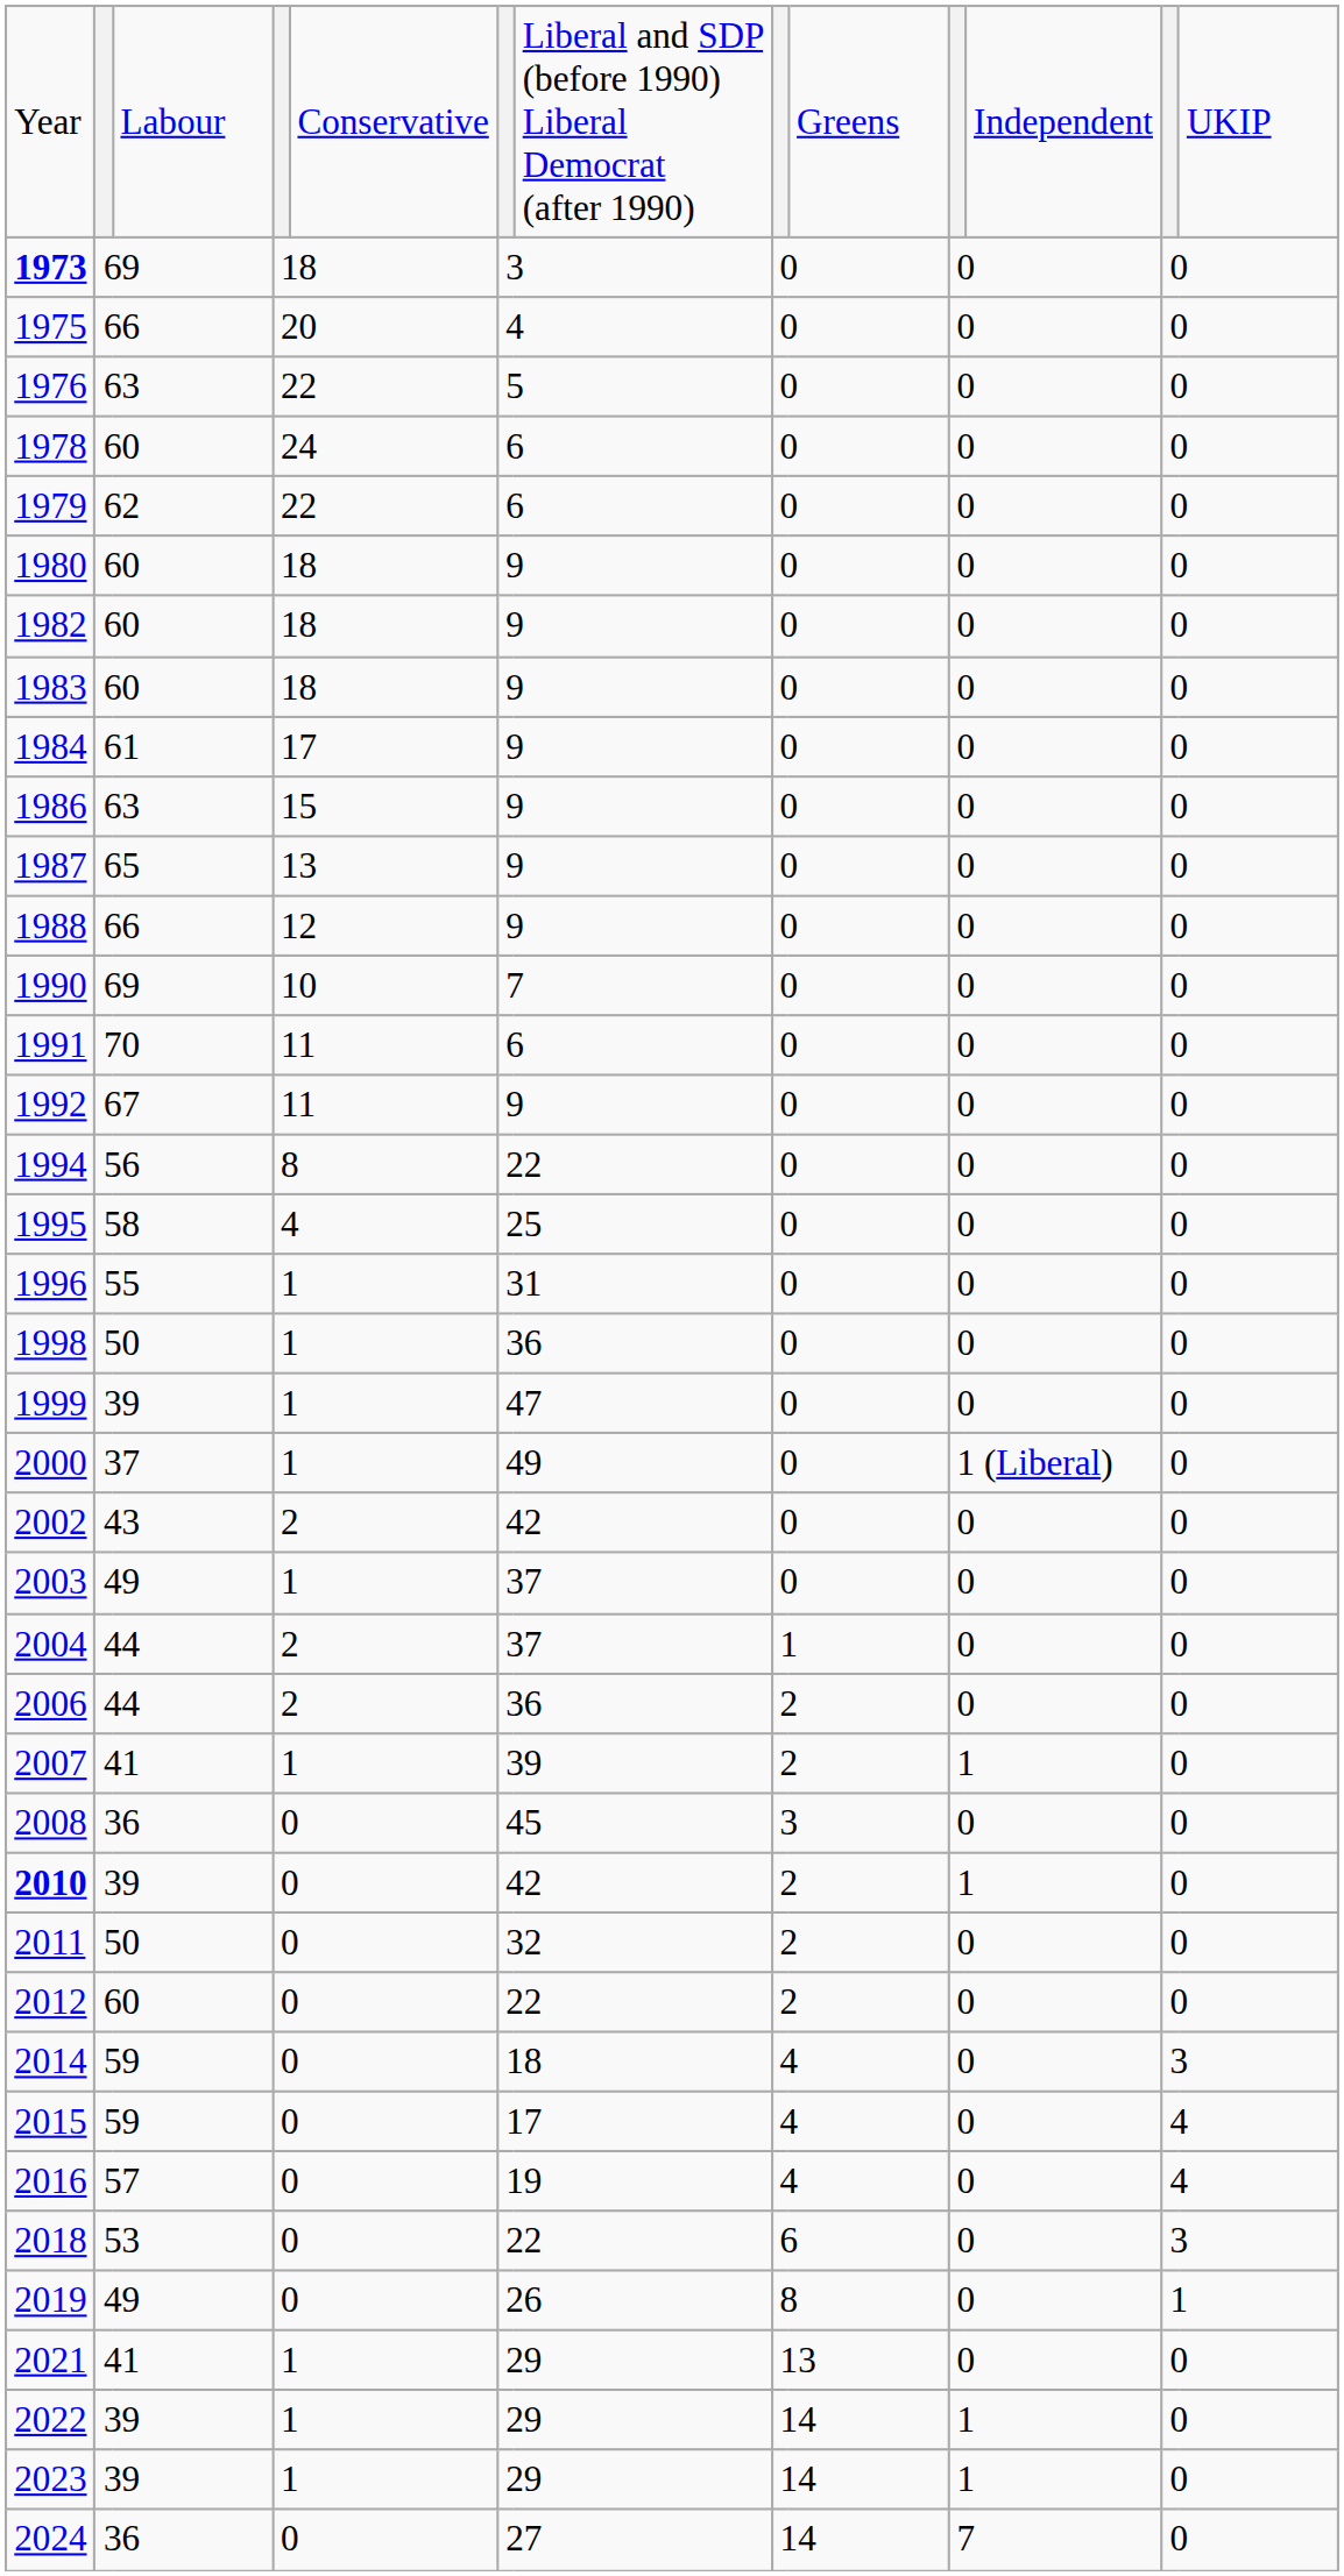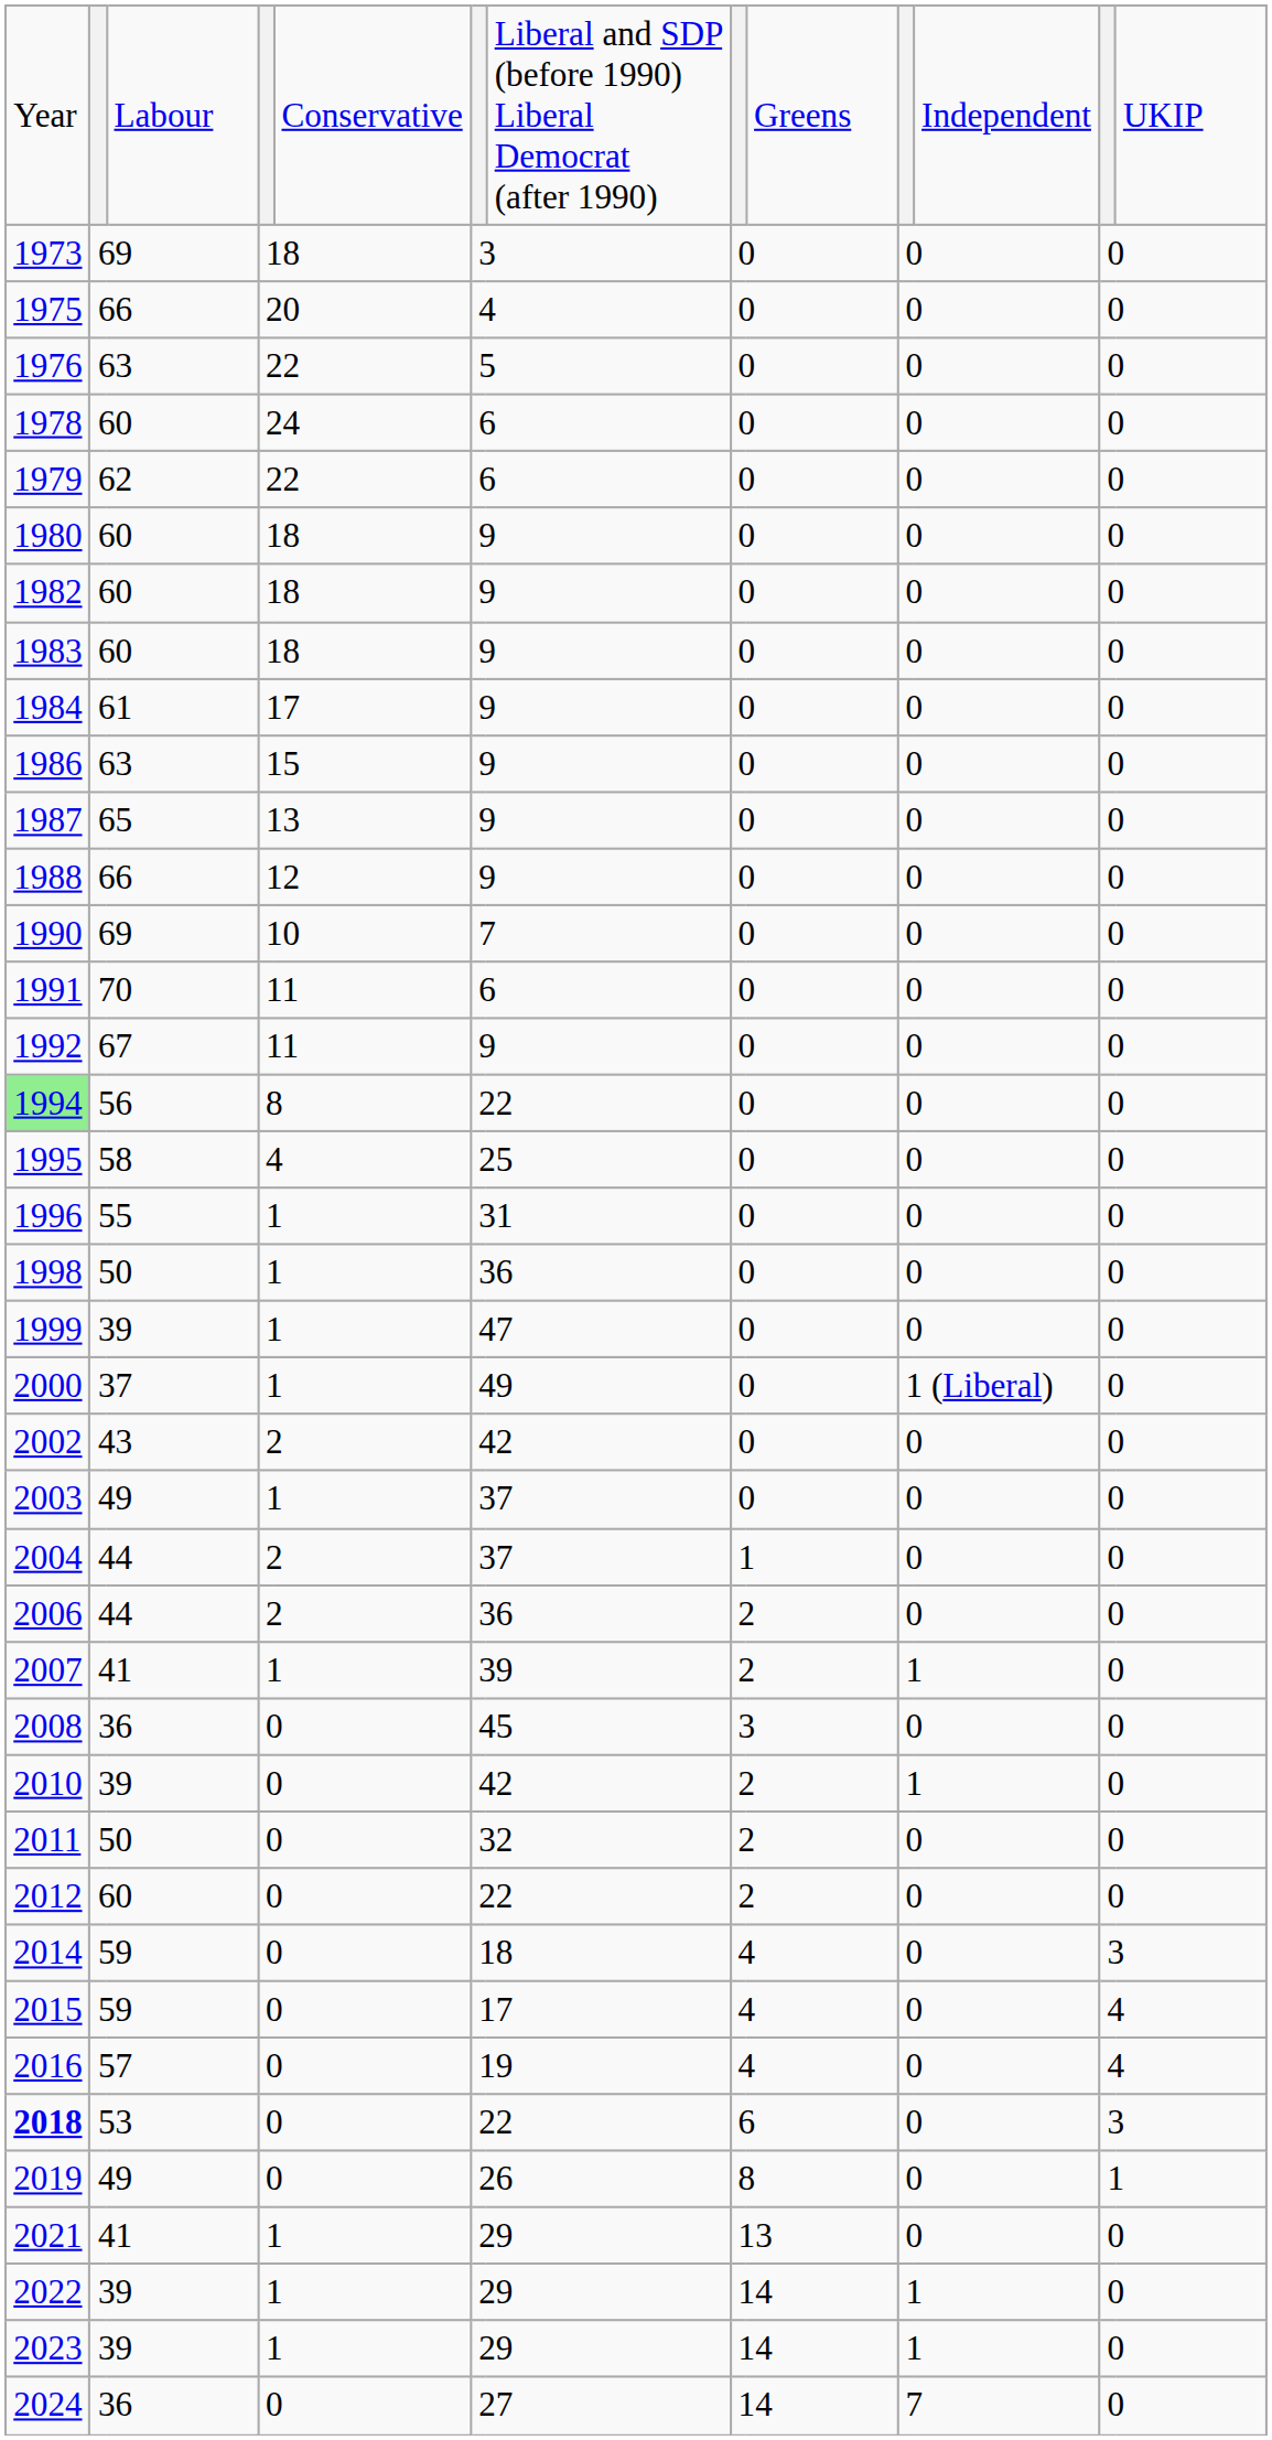 <table class="wikitable" style="font-size:95%;">
 <tr>
 <td>Year</td>
 <th style="background-color: "></th>
 <td width="60"><a href='#'>Labour</a></td>
 <th style="background-color: "></th>
 <td width="60"><a href='#'>Conservative</a></td>
 <th style="background-color: "></th>
 <td width="60"><a href='#'>Liberal</a> and <a href='#'>SDP</a> (before 1990)<br><a href='#'>Liberal Democrat</a><br>(after 1990)</td>
 <th style="background-color: "></th>
 <td width="60"><a href='#'>Greens</a></td>
 <th style="background-color: "></th>
 <td width="60"><a href='#'>Independent</a></td>
 <th style="background-color: "></th>
 <td width="60"><a href='#'>UKIP</a></td>
 </tr>
 <tr>
-<td><strong><a href='#'>1973</a></strong></td>
+<td><a href='#'>1973</a></td>
 <td colspan="2">69</td>
 <td colspan="2">18</td>
 <td colspan="2">3</td>
 <td colspan="2">0</td>
 <td colspan="2">0</td>
 <td colspan="2">0</td>
 </tr>
 <tr>
 <td><a href='#'>1975</a></td>
 <td colspan="2">66</td>
 <td colspan="2">20</td>
 <td colspan="2">4</td>
 <td colspan="2">0</td>
 <td colspan="2">0</td>
 <td colspan="2">0</td>
 </tr>
 <tr>
 <td><a href='#'>1976</a></td>
 <td colspan="2">63</td>
 <td colspan="2">22</td>
 <td colspan="2">5</td>
 <td colspan="2">0</td>
 <td colspan="2">0</td>
 <td colspan="2">0</td>
 </tr>
 <tr>
 <td><a href='#'>1978</a></td>
 <td colspan="2">60</td>
 <td colspan="2">24</td>
 <td colspan="2">6</td>
 <td colspan="2">0</td>
 <td colspan="2">0</td>
 <td colspan="2">0</td>
 </tr>
 <tr>
 <td><a href='#'>1979</a></td>
 <td colspan="2">62</td>
 <td colspan="2">22</td>
 <td colspan="2">6</td>
 <td colspan="2">0</td>
 <td colspan="2">0</td>
 <td colspan="2">0</td>
 </tr>
 <tr>
 <td><a href='#'>1980</a></td>
 <td colspan="2">60</td>
 <td colspan="2">18</td>
 <td colspan="2">9</td>
 <td colspan="2">0</td>
 <td colspan="2">0</td>
 <td colspan="2">0</td>
 </tr>
 <tr>
 <td><a href='#'>1982</a></td>
 <td colspan="2">60</td>
 <td colspan="2">18</td>
 <td colspan="2">9</td>
 <td colspan="2">0</td>
 <td colspan="2">0</td>
 <td colspan="2">0</td>
 </tr>
 <tr>
 <td><a href='#'>1983</a></td>
 <td colspan="2">60</td>
 <td colspan="2">18</td>
 <td colspan="2">9</td>
 <td colspan="2">0</td>
 <td colspan="2">0</td>
 <td colspan="2">0</td>
 </tr>
 <tr>
 <td><a href='#'>1984</a></td>
 <td colspan="2">61</td>
 <td colspan="2">17</td>
 <td colspan="2">9</td>
 <td colspan="2">0</td>
 <td colspan="2">0</td>
 <td colspan="2">0</td>
 </tr>
 <tr>
 <td><a href='#'>1986</a></td>
 <td colspan="2">63</td>
 <td colspan="2">15</td>
 <td colspan="2">9</td>
 <td colspan="2">0</td>
 <td colspan="2">0</td>
 <td colspan="2">0</td>
 </tr>
 <tr>
 <td><a href='#'>1987</a></td>
 <td colspan="2">65</td>
 <td colspan="2">13</td>
 <td colspan="2">9</td>
 <td colspan="2">0</td>
 <td colspan="2">0</td>
 <td colspan="2">0</td>
 </tr>
 <tr>
 <td><a href='#'>1988</a></td>
 <td colspan="2">66</td>
 <td colspan="2">12</td>
 <td colspan="2">9</td>
 <td colspan="2">0</td>
 <td colspan="2">0</td>
 <td colspan="2">0</td>
 </tr>
 <tr>
 <td><a href='#'>1990</a></td>
 <td colspan="2">69</td>
 <td colspan="2">10</td>
 <td colspan="2">7</td>
 <td colspan="2">0</td>
 <td colspan="2">0</td>
 <td colspan="2">0</td>
 </tr>
 <tr>
 <td><a href='#'>1991</a></td>
 <td colspan="2">70</td>
 <td colspan="2">11</td>
 <td colspan="2">6</td>
 <td colspan="2">0</td>
 <td colspan="2">0</td>
 <td colspan="2">0</td>
 </tr>
 <tr>
 <td><a href='#'>1992</a></td>
 <td colspan="2">67</td>
 <td colspan="2">11</td>
 <td colspan="2">9</td>
 <td colspan="2">0</td>
 <td colspan="2">0</td>
 <td colspan="2">0</td>
 </tr>
 <tr>
-<td><a href='#'>1994</a></td>
+<td style="background: lightgreen;"><a href='#'>1994</a></td>
 <td colspan="2">56</td>
 <td colspan="2">8</td>
 <td colspan="2">22</td>
 <td colspan="2">0</td>
 <td colspan="2">0</td>
 <td colspan="2">0</td>
 </tr>
 <tr>
 <td><a href='#'>1995</a></td>
 <td colspan="2">58</td>
 <td colspan="2">4</td>
 <td colspan="2">25</td>
 <td colspan="2">0</td>
 <td colspan="2">0</td>
 <td colspan="2">0</td>
 </tr>
 <tr>
 <td><a href='#'>1996</a></td>
 <td colspan="2">55</td>
 <td colspan="2">1</td>
 <td colspan="2">31</td>
 <td colspan="2">0</td>
 <td colspan="2">0</td>
 <td colspan="2">0</td>
 </tr>
 <tr>
 <td><a href='#'>1998</a></td>
 <td colspan="2">50</td>
 <td colspan="2">1</td>
 <td colspan="2">36</td>
 <td colspan="2">0</td>
 <td colspan="2">0</td>
 <td colspan="2">0</td>
 </tr>
 <tr>
 <td><a href='#'>1999</a></td>
 <td colspan="2">39</td>
 <td colspan="2">1</td>
 <td colspan="2">47</td>
 <td colspan="2">0</td>
 <td colspan="2">0</td>
 <td colspan="2">0</td>
 </tr>
 <tr>
 <td><a href='#'>2000</a></td>
 <td colspan="2">37</td>
 <td colspan="2">1</td>
 <td colspan="2">49</td>
 <td colspan="2">0</td>
 <td colspan="2">1 (<a href='#'>Liberal</a>)</td>
 <td colspan="2">0</td>
 </tr>
 <tr>
 <td><a href='#'>2002</a></td>
 <td colspan="2">43</td>
 <td colspan="2">2</td>
 <td colspan="2">42</td>
 <td colspan="2">0</td>
 <td colspan="2">0</td>
 <td colspan="2">0</td>
 </tr>
 <tr>
 <td><a href='#'>2003</a></td>
 <td colspan="2">49</td>
 <td colspan="2">1</td>
 <td colspan="2">37</td>
 <td colspan="2">0</td>
 <td colspan="2">0</td>
 <td colspan="2">0</td>
 </tr>
 <tr>
 <td><a href='#'>2004</a></td>
 <td colspan="2">44</td>
 <td colspan="2">2</td>
 <td colspan="2">37</td>
 <td colspan="2">1</td>
 <td colspan="2">0</td>
 <td colspan="2">0</td>
 </tr>
 <tr>
 <td><a href='#'>2006</a></td>
 <td colspan="2">44</td>
 <td colspan="2">2</td>
 <td colspan="2">36</td>
 <td colspan="2">2</td>
 <td colspan="2">0</td>
 <td colspan="2">0</td>
 </tr>
 <tr>
 <td><a href='#'>2007</a></td>
 <td colspan="2">41</td>
 <td colspan="2">1</td>
 <td colspan="2">39</td>
 <td colspan="2">2</td>
 <td colspan="2">1</td>
 <td colspan="2">0</td>
 </tr>
 <tr>
 <td><a href='#'>2008</a></td>
 <td colspan="2">36</td>
 <td colspan="2">0</td>
 <td colspan="2">45</td>
 <td colspan="2">3</td>
 <td colspan="2">0</td>
 <td colspan="2">0</td>
 </tr>
 <tr>
-<td><strong><a href='#'>2010</a></strong></td>
+<td><a href='#'>2010</a></td>
 <td colspan="2">39</td>
 <td colspan="2">0</td>
 <td colspan="2">42</td>
 <td colspan="2">2</td>
 <td colspan="2">1</td>
 <td colspan="2">0</td>
 </tr>
 <tr>
 <td><a href='#'>2011</a></td>
 <td colspan="2">50</td>
 <td colspan="2">0</td>
 <td colspan="2">32</td>
 <td colspan="2">2</td>
 <td colspan="2">0</td>
 <td colspan="2">0</td>
 </tr>
 <tr>
 <td><a href='#'>2012</a></td>
 <td colspan="2">60</td>
 <td colspan="2">0</td>
 <td colspan="2">22</td>
 <td colspan="2">2</td>
 <td colspan="2">0</td>
 <td colspan="2">0</td>
 </tr>
 <tr>
 <td><a href='#'>2014</a></td>
 <td colspan="2">59</td>
 <td colspan="2">0</td>
 <td colspan="2">18</td>
 <td colspan="2">4</td>
 <td colspan="2">0</td>
 <td colspan="2">3</td>
 </tr>
 <tr>
 <td><a href='#'>2015</a></td>
 <td colspan="2">59</td>
 <td colspan="2">0</td>
 <td colspan="2">17</td>
 <td colspan="2">4</td>
 <td colspan="2">0</td>
 <td colspan="2">4</td>
 </tr>
 <tr>
 <td><a href='#'>2016</a></td>
 <td colspan="2">57</td>
 <td colspan="2">0</td>
 <td colspan="2">19</td>
 <td colspan="2">4</td>
 <td colspan="2">0</td>
 <td colspan="2">4</td>
 </tr>
 <tr>
-<td><a href='#'>2018</a></td>
+<td><strong><a href='#'>2018</a></strong></td>
 <td colspan="2">53</td>
 <td colspan="2">0</td>
 <td colspan="2">22</td>
 <td colspan="2">6</td>
 <td colspan="2">0</td>
 <td colspan="2">3</td>
 </tr>
 <tr>
 <td><a href='#'>2019</a></td>
 <td colspan="2">49</td>
 <td colspan="2">0</td>
 <td colspan="2">26</td>
 <td colspan="2">8</td>
 <td colspan="2">0</td>
 <td colspan="2">1</td>
 </tr>
 <tr>
 <td><a href='#'>2021</a></td>
 <td colspan="2">41</td>
 <td colspan="2">1</td>
 <td colspan="2">29</td>
 <td colspan="2">13</td>
 <td colspan="2">0</td>
 <td colspan="2">0</td>
 </tr>
 <tr>
 <td><a href='#'>2022</a></td>
 <td colspan="2">39</td>
 <td colspan="2">1</td>
 <td colspan="2">29</td>
 <td colspan="2">14</td>
 <td colspan="2">1</td>
 <td colspan="2">0</td>
 </tr>
 <tr>
 <td><a href='#'>2023</a></td>
 <td colspan="2">39</td>
 <td colspan="2">1</td>
 <td colspan="2">29</td>
 <td colspan="2">14</td>
 <td colspan="2">1</td>
 <td colspan="2">0</td>
 </tr>
 <tr>
 <td><a href='#'>2024</a></td>
 <td colspan="2">36</td>
 <td colspan="2">0</td>
 <td colspan="2">27</td>
 <td colspan="2">14</td>
 <td colspan="2">7</td>
 <td colspan="2">0</td>
 </tr>
 </table>
